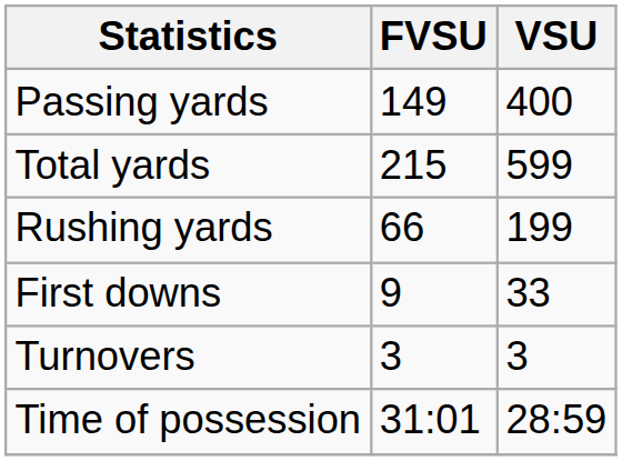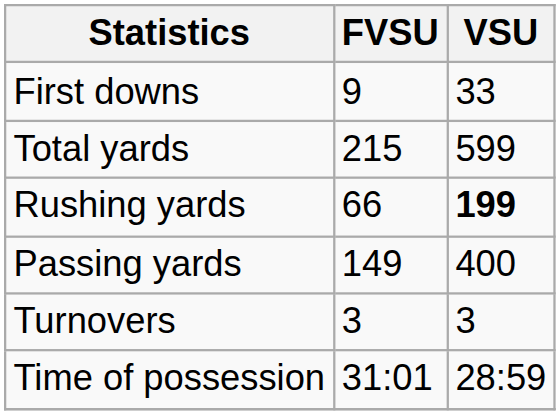 <table class="wikitable">
 <tr>
 <th>Statistics</th>
 <th>FVSU</th>
 <th>VSU</th>
 </tr>
 <tr>
-<td>Passing yards</td>
-<td>149</td>
-<td>400</td>
+<td>First downs</td>
+<td>9</td>
+<td>33</td>
 </tr>
 <tr>
 <td>Total yards</td>
 <td>215</td>
 <td>599</td>
 </tr>
 <tr>
 <td>Rushing yards</td>
 <td>66</td>
-<td>199</td>
+<td><strong>199</strong></td>
 </tr>
 <tr>
-<td>First downs</td>
-<td>9</td>
-<td>33</td>
+<td>Passing yards</td>
+<td>149</td>
+<td>400</td>
 </tr>
 <tr>
 <td>Turnovers</td>
 <td>3</td>
 <td>3</td>
 </tr>
 <tr>
 <td>Time of possession</td>
 <td>31:01</td>
 <td>28:59</td>
 </tr>
 <tr>
 </tr>
 </table>
